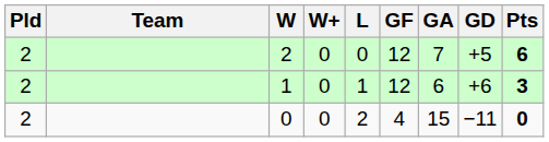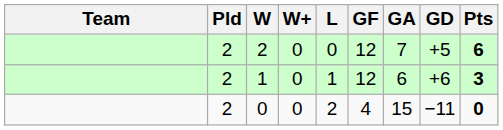 <table class="wikitable" style="text-align:center">
 <tr>
+<th width=165>Team</th>
 <th width=20>Pld</th>
-<th width=165>Team</th>
 <th width=20>W</th>
 <th width=20>W+</th>
 <th width=20>L</th>
 <th width=20>GF</th>
 <th width=20>GA</th>
 <th width=20>GD</th>
 <th width=20>Pts</th>
 </tr>
 <tr style="background:#ccffcc">
+<td style="text-align:left"></td>
 <td>2</td>
-<td style="text-align:left"></td>
 <td>2</td>
 <td>0</td>
 <td>0</td>
 <td>12</td>
 <td>7</td>
 <td>+5</td>
 <td><strong>6</strong></td>
 </tr>
 <tr style="background:#ccffcc">
+<td style="text-align:left"></td>
 <td>2</td>
-<td style="text-align:left"></td>
 <td>1</td>
 <td>0</td>
 <td>1</td>
 <td>12</td>
 <td>6</td>
 <td>+6</td>
 <td><strong>3</strong></td>
 </tr>
 <tr>
+<td style="text-align:left"></td>
 <td>2</td>
-<td style="text-align:left"></td>
 <td>0</td>
 <td>0</td>
 <td>2</td>
 <td>4</td>
 <td>15</td>
 <td>−11</td>
 <td><strong>0</strong></td>
 </tr>
 </table>
